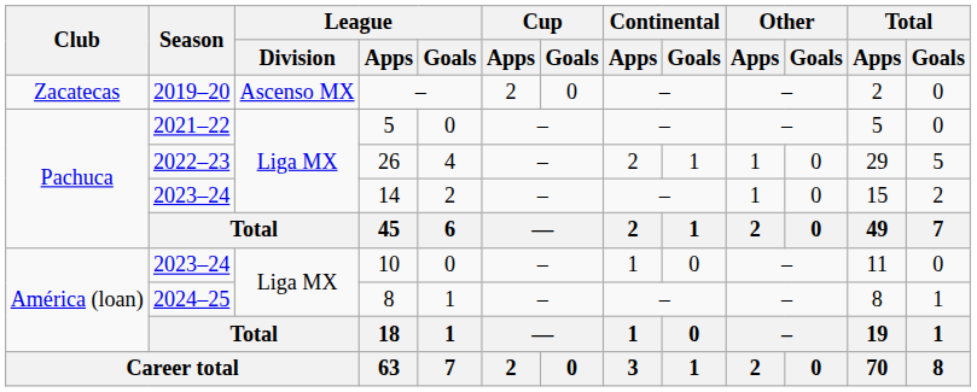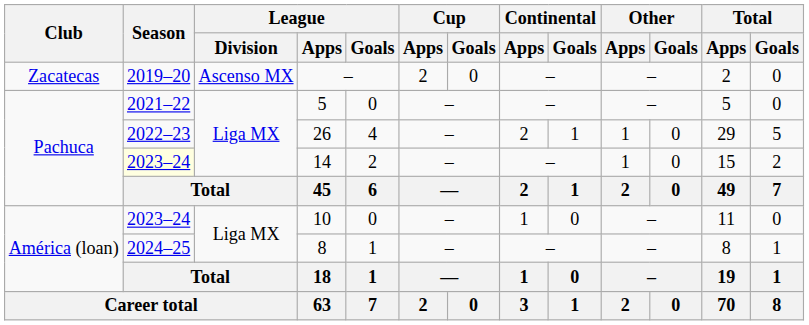 <table class="wikitable" style="text-align: center">
 <tr>
 <th rowspan="2">Club</th>
 <th rowspan="2">Season</th>
 <th colspan="3">League</th>
 <th colspan="2">Cup</th>
 <th colspan="2">Continental</th>
 <th colspan="2">Other</th>
 <th colspan="2">Total</th>
 </tr>
 <tr>
 <th>Division</th>
 <th>Apps</th>
 <th>Goals</th>
 <th>Apps</th>
 <th>Goals</th>
 <th>Apps</th>
 <th>Goals</th>
 <th>Apps</th>
 <th>Goals</th>
 <th>Apps</th>
 <th>Goals</th>
 </tr>
 <tr>
 <td><a href='#'>Zacatecas</a></td>
 <td><a href='#'>2019–20</a></td>
 <td><a href='#'>Ascenso MX</a></td>
 <td colspan="2">–</td>
 <td>2</td>
 <td>0</td>
 <td colspan="2">–</td>
 <td colspan="2">–</td>
 <td>2</td>
 <td>0</td>
 </tr>
 <tr>
 <td rowspan="4"><a href='#'>Pachuca</a></td>
 <td><a href='#'>2021–22</a></td>
 <td rowspan="3"><a href='#'>Liga MX</a></td>
 <td>5</td>
 <td>0</td>
 <td colspan="2">–</td>
 <td colspan="2">–</td>
 <td colspan="2">–</td>
 <td>5</td>
 <td>0</td>
 </tr>
 <tr>
 <td><a href='#'>2022–23</a></td>
 <td>26</td>
 <td>4</td>
 <td colspan="2">–</td>
 <td>2</td>
 <td>1</td>
 <td>1</td>
 <td>0</td>
 <td>29</td>
 <td>5</td>
 </tr>
 <tr>
-<td><a href='#'>2023–24</a></td>
+<td style="background: lightyellow;"><a href='#'>2023–24</a></td>
 <td>14</td>
 <td>2</td>
 <td colspan="2">–</td>
 <td colspan="2">–</td>
 <td>1</td>
 <td>0</td>
 <td>15</td>
 <td>2</td>
 </tr>
 <tr>
 <th colspan="2">Total</th>
 <th>45</th>
 <th>6</th>
 <th colspan="2">—</th>
 <th>2</th>
 <th>1</th>
 <th>2</th>
 <th>0</th>
 <th>49</th>
 <th>7</th>
 </tr>
 <tr>
 <td rowspan="3"><a href='#'>América</a> (loan)</td>
 <td><a href='#'>2023–24</a></td>
 <td rowspan="2">Liga MX</td>
 <td>10</td>
 <td>0</td>
 <td colspan="2">–</td>
 <td>1</td>
 <td>0</td>
 <td colspan="2">–</td>
 <td>11</td>
 <td>0</td>
 </tr>
 <tr>
 <td><a href='#'>2024–25</a></td>
 <td>8</td>
 <td>1</td>
 <td colspan="2">–</td>
 <td colspan="2">–</td>
 <td colspan="2">–</td>
 <td>8</td>
 <td>1</td>
 </tr>
 <tr>
 <th colspan="2">Total</th>
 <th>18</th>
 <th>1</th>
 <th colspan="2">—</th>
 <th>1</th>
 <th>0</th>
 <th colspan="2">–</th>
 <th>19</th>
 <th>1</th>
 </tr>
 <tr>
 <th colspan="3"><strong>Career total</strong></th>
 <th>63</th>
 <th>7</th>
 <th>2</th>
 <th>0</th>
 <th>3</th>
 <th>1</th>
 <th>2</th>
 <th>0</th>
 <th>70</th>
 <th>8</th>
 </tr>
 </table>
